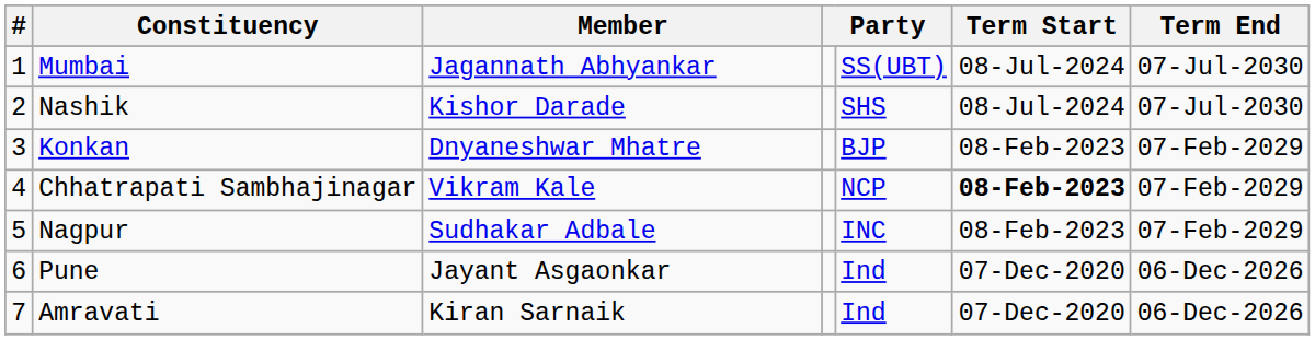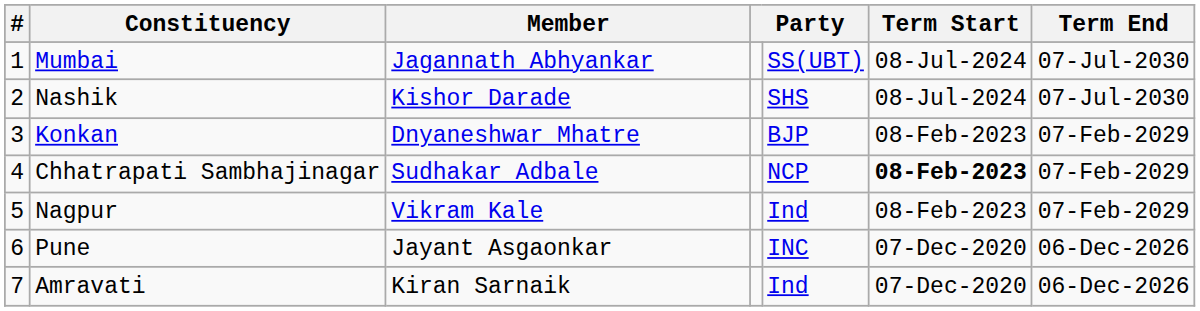 <table class="wikitable sortable">
 <tr>
 <th>#</th>
 <th>Constituency</th>
 <th style="width:200px">Member</th>
 <th colspan="2">Party</th>
 <th>Term Start</th>
 <th>Term End</th>
 </tr>
 <tr>
 <td>1</td>
 <td><a href='#'>Mumbai</a></td>
 <td><a href='#'>Jagannath Abhyankar</a></td>
 <td style="background-color: "></td>
 <td><a href='#'>SS(UBT)</a></td>
 <td>08-Jul-2024</td>
 <td>07-Jul-2030</td>
 </tr>
 <tr>
 <td>2</td>
 <td>Nashik</td>
 <td><a href='#'>Kishor Darade</a></td>
 <td style="background-color: "></td>
 <td><a href='#'>SHS</a></td>
 <td>08-Jul-2024</td>
 <td>07-Jul-2030</td>
 </tr>
 <tr>
 <td>3</td>
 <td><a href='#'>Konkan</a></td>
 <td><a href='#'>Dnyaneshwar Mhatre</a></td>
 <td style="background-color: "></td>
 <td><a href='#'>BJP</a></td>
 <td>08-Feb-2023</td>
 <td>07-Feb-2029</td>
 </tr>
 <tr>
 <td>4</td>
 <td>Chhatrapati Sambhajinagar</td>
-<td><a href='#'>Vikram Kale</a></td>
+<td><a href='#'>Sudhakar Adbale</a></td>
 <td style="background-color: "></td>
 <td><a href='#'>NCP</a></td>
 <td><strong>08-Feb-2023</strong></td>
 <td>07-Feb-2029</td>
 </tr>
 <tr>
 <td>5</td>
 <td>Nagpur</td>
-<td><a href='#'>Sudhakar Adbale</a></td>
+<td><a href='#'>Vikram Kale</a></td>
 <td style="background-color: "></td>
-<td><a href='#'>INC</a></td>
+<td><a href='#'>Ind</a></td>
 <td>08-Feb-2023</td>
 <td>07-Feb-2029</td>
 </tr>
 <tr>
 <td>6</td>
 <td>Pune</td>
 <td>Jayant Asgaonkar</td>
 <td style="background-color: "></td>
-<td><a href='#'>Ind</a></td>
+<td><a href='#'>INC</a></td>
 <td>07-Dec-2020</td>
 <td>06-Dec-2026</td>
 </tr>
 <tr>
 <td>7</td>
 <td>Amravati</td>
 <td>Kiran Sarnaik</td>
 <td style="background-color: "></td>
 <td><a href='#'>Ind</a></td>
 <td>07-Dec-2020</td>
 <td>06-Dec-2026</td>
 </tr>
 </table>
